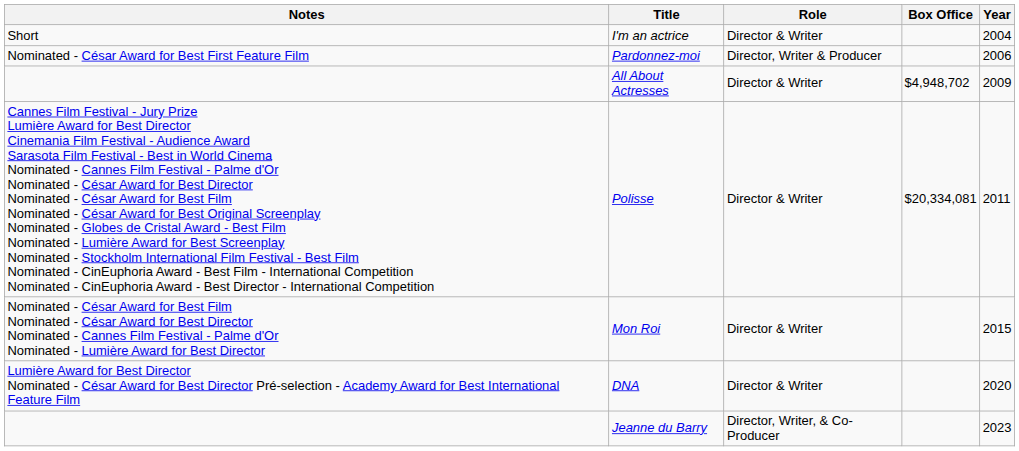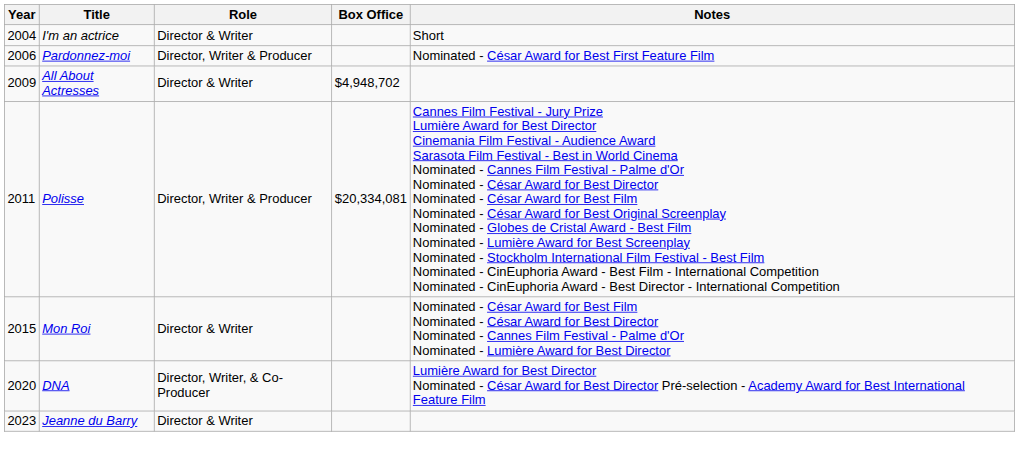 <table class="wikitable sortable">
 <tr>
-<th>Notes</th>
+<th>Year</th>
 <th>Title</th>
 <th>Role</th>
 <th>Box Office</th>
-<th>Year</th>
+<th>Notes</th>
 </tr>
 <tr>
-<td>Short</td>
+<td>2004</td>
 <td><em>I'm an actrice</em></td>
 <td>Director & Writer</td>
 <td></td>
-<td>2004</td>
+<td>Short</td>
 </tr>
 <tr>
-<td>Nominated - <a href='#'>César Award for Best First Feature Film</a></td>
+<td>2006</td>
 <td><em><a href='#'>Pardonnez-moi</a></em></td>
 <td>Director, Writer & Producer</td>
 <td></td>
-<td>2006</td>
+<td>Nominated - <a href='#'>César Award for Best First Feature Film</a></td>
 </tr>
 <tr>
-<td></td>
+<td>2009</td>
 <td><em><a href='#'>All About Actresses</a></em></td>
 <td>Director & Writer</td>
 <td>$4,948,702</td>
-<td>2009</td>
+<td></td>
 </tr>
 <tr>
+<td>2011</td>
+<td><em><a href='#'>Polisse</a></em></td>
+<td>Director, Writer & Producer</td>
+<td>$20,334,081</td>
 <td><a href='#'>Cannes Film Festival - Jury Prize</a><br><a href='#'>Lumière Award for Best Director</a><br><a href='#'>Cinemania Film Festival - Audience Award</a><br><a href='#'>Sarasota Film Festival - Best in World Cinema</a><br>Nominated - <a href='#'>Cannes Film Festival - Palme d'Or</a><br>Nominated - <a href='#'>César Award for Best Director</a><br>Nominated - <a href='#'>César Award for Best Film</a><br>Nominated - <a href='#'>César Award for Best Original Screenplay</a><br>Nominated - <a href='#'>Globes de Cristal Award - Best Film</a><br>Nominated - <a href='#'>Lumière Award for Best Screenplay</a><br>Nominated - <a href='#'>Stockholm International Film Festival - Best Film</a><br>Nominated - CinEuphoria Award - Best Film - International Competition<br>Nominated - CinEuphoria Award - Best Director - International Competition</td>
-<td><em><a href='#'>Polisse</a></em></td>
-<td>Director & Writer</td>
-<td>$20,334,081</td>
-<td>2011</td>
 </tr>
 <tr>
-<td>Nominated - <a href='#'>César Award for Best Film</a><br>Nominated - <a href='#'>César Award for Best Director</a><br>Nominated - <a href='#'>Cannes Film Festival - Palme d'Or</a><br>Nominated - <a href='#'>Lumière Award for Best Director</a></td>
+<td>2015</td>
 <td><em><a href='#'>Mon Roi</a></em></td>
 <td>Director & Writer</td>
 <td></td>
-<td>2015</td>
+<td>Nominated - <a href='#'>César Award for Best Film</a><br>Nominated - <a href='#'>César Award for Best Director</a><br>Nominated - <a href='#'>Cannes Film Festival - Palme d'Or</a><br>Nominated - <a href='#'>Lumière Award for Best Director</a></td>
 </tr>
 <tr>
+<td>2020</td>
+<td><em><a href='#'>DNA</a></em></td>
+<td>Director, Writer, & Co-Producer</td>
+<td></td>
 <td><a href='#'>Lumière Award for Best Director</a><br>Nominated - <a href='#'>César Award for Best Director</a> Pré-selection - <a href='#'>Academy Award for Best International Feature Film</a></td>
-<td><em><a href='#'>DNA</a></em></td>
+</tr>
+<tr>
+<td>2023</td>
+<td><em><a href='#'>Jeanne du Barry</a></em></td>
 <td>Director & Writer</td>
 <td></td>
-<td>2020</td>
-</tr>
-<tr>
 <td></td>
-<td><em><a href='#'>Jeanne du Barry</a></em></td>
-<td>Director, Writer, & Co-Producer</td>
-<td></td>
-<td>2023</td>
 </tr>
 </table>
